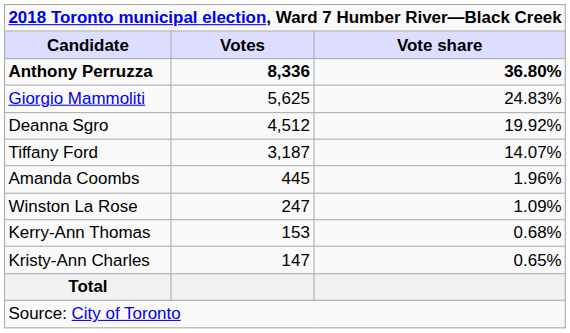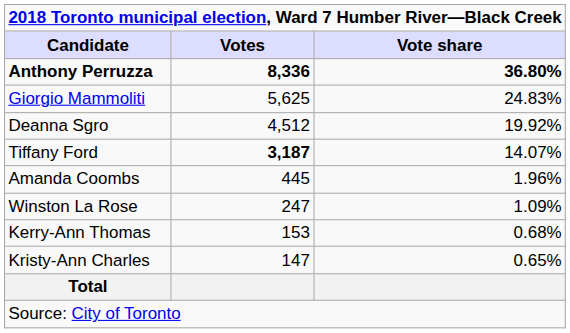 <table class="wikitable plainrowheaders">
 <tr>
 <td colspan="3"><strong><a href='#'>2018 Toronto municipal election</a>, Ward 7 Humber River—Black Creek</strong></td>
 </tr>
 <tr>
 <th scope="col" style="background:#ddf; width:150px;">Candidate</th>
 <th scope="col" style="background:#ddf;">Votes</th>
 <th scope="col" style="background:#ddf;">Vote share</th>
 </tr>
 <tr>
 <td scope="row"><strong>Anthony Perruzza</strong></td>
 <td align="right"><strong>8,336</strong></td>
 <td align="right"><strong>36.80%</strong></td>
 </tr>
 <tr>
 <td scope="row"><a href='#'>Giorgio Mammoliti</a></td>
 <td align="right">5,625</td>
 <td align="right">24.83%</td>
 </tr>
 <tr>
 <td scope="row">Deanna Sgro</td>
 <td align="right">4,512</td>
 <td align="right">19.92%</td>
 </tr>
 <tr>
 <td scope="row">Tiffany Ford</td>
-<td align="right">3,187</td>
+<td align="right"><strong>3,187</strong></td>
 <td align="right">14.07%</td>
 </tr>
 <tr>
 <td scope="row">Amanda Coombs</td>
 <td align="right">445</td>
 <td align="right">1.96%</td>
 </tr>
 <tr>
 <td scope="row">Winston La Rose</td>
 <td align="right">247</td>
 <td align="right">1.09%</td>
 </tr>
 <tr>
 <td scope="row">Kerry-Ann Thomas</td>
 <td align="right">153</td>
 <td align="right">0.68%</td>
 </tr>
 <tr>
 <td scope="row">Kristy-Ann Charles</td>
 <td align="right">147</td>
 <td align="right">0.65%</td>
 </tr>
 <tr>
 <th scope="row">Total</th>
 <th align="right"></th>
 <th align="right"></th>
 </tr>
 <tr>
 <td colspan="3">Source: <a href='#'>City of Toronto</a></td>
 </tr>
 </table>
